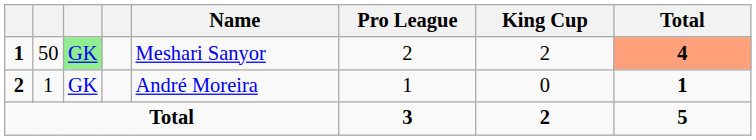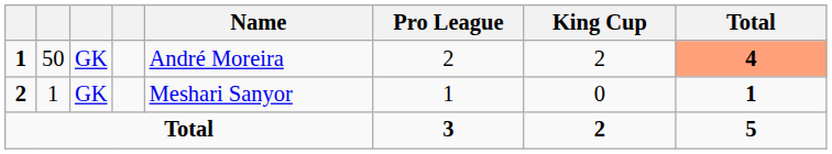 <table class="wikitable" style="text-align:center">
 <tr>
 <th width=15></th>
 <th width=15></th>
 <th width=15></th>
 <th width=15></th>
 <th width=155>Name</th>
 <th width=100>Pro League</th>
 <th width=100>King Cup</th>
 <th width=100>Total</th>
 </tr>
 <tr>
 <td><strong>1</strong></td>
 <td>50</td>
-<td style="background: lightgreen;"><a href='#'>GK</a></td>
+<td><a href='#'>GK</a></td>
 <td></td>
-<td align=left><a href='#'>Meshari Sanyor</a></td>
+<td align=left><a href='#'>André Moreira</a></td>
 <td>2</td>
 <td>2</td>
 <td style="background: lightsalmon;"><strong>4</strong></td>
 </tr>
 <tr>
 <td><strong>2</strong></td>
 <td>1</td>
 <td><a href='#'>GK</a></td>
 <td></td>
-<td align=left><a href='#'>André Moreira</a></td>
+<td align=left><a href='#'>Meshari Sanyor</a></td>
 <td>1</td>
 <td>0</td>
 <td><strong>1</strong></td>
 </tr>
 <tr>
 <td colspan=5><strong>Total</strong></td>
 <td><strong>3</strong></td>
 <td><strong>2</strong></td>
 <td><strong>5</strong></td>
 </tr>
 </table>
